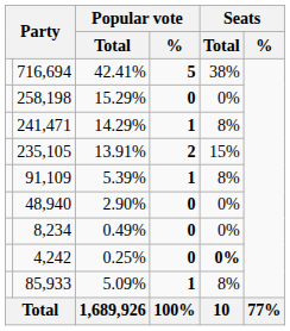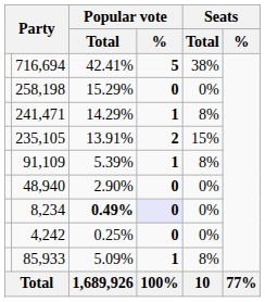 <table class=wikitable style="text-align:right;">
 <tr>
 <th rowspan=2 colspan=2>Party</th>
 <th colspan=2>Popular vote</th>
 <th colspan=2>Seats</th>
 </tr>
 <tr>
 <th>Total</th>
 <th>%</th>
 <th>Total</th>
 <th>%</th>
 </tr>
 <tr>
 <td></td>
 <td>716,694</td>
 <td>42.41%</td>
 <td><strong>5</strong></td>
 <td>38%</td>
 </tr>
 <tr>
 <td></td>
 <td>258,198</td>
 <td>15.29%</td>
 <td><strong>0</strong></td>
 <td>0%</td>
 </tr>
 <tr>
 <td></td>
 <td>241,471</td>
 <td>14.29%</td>
 <td><strong>1</strong></td>
 <td>8%</td>
 </tr>
 <tr>
 <td></td>
 <td>235,105</td>
 <td>13.91%</td>
 <td><strong>2</strong></td>
 <td>15%</td>
 </tr>
 <tr>
 <td></td>
 <td>91,109</td>
 <td>5.39%</td>
 <td><strong>1</strong></td>
 <td>8%</td>
 </tr>
 <tr>
 <td></td>
 <td>48,940</td>
 <td>2.90%</td>
 <td><strong>0</strong></td>
 <td>0%</td>
 </tr>
 <tr>
 <td></td>
 <td>8,234</td>
-<td>0.49%</td>
-<td><strong>0</strong></td>
+<td><strong>0.49%</strong></td>
+<td style="background: lavender;"><strong>0</strong></td>
 <td>0%</td>
 </tr>
 <tr>
 <td></td>
 <td>4,242</td>
 <td>0.25%</td>
 <td><strong>0</strong></td>
-<td><strong>0%</strong></td>
+<td>0%</td>
 </tr>
 <tr>
 <td></td>
 <td>85,933</td>
 <td>5.09%</td>
 <td><strong>1</strong></td>
 <td>8%</td>
 </tr>
 <tr>
 <th colspan=2>Total</th>
 <th>1,689,926</th>
 <th>100%</th>
 <th>10</th>
 <th>77%</th>
 </tr>
 </table>
